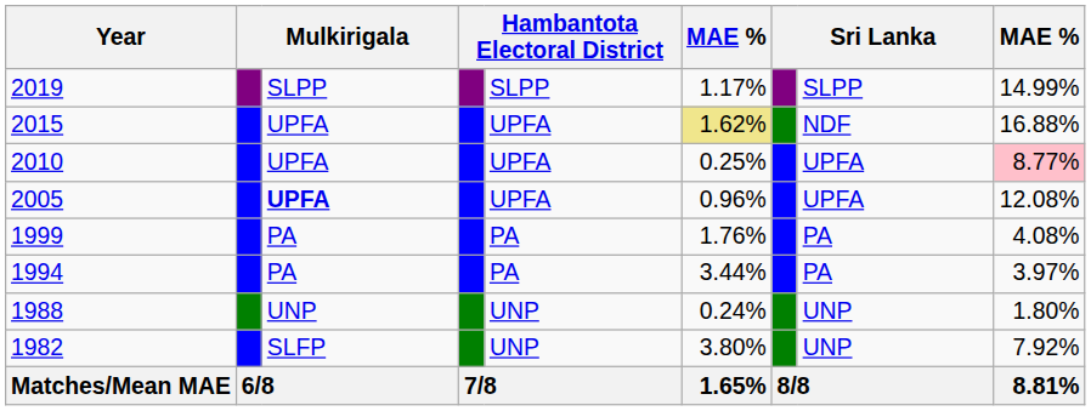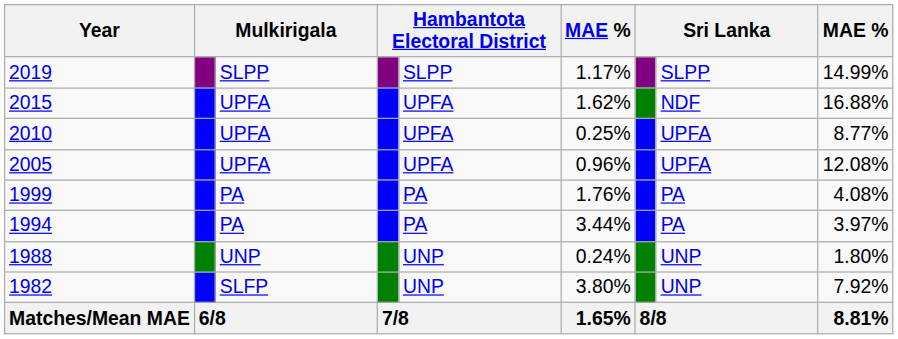 <table class="wikitable">
 <tr>
 <th>Year</th>
 <th colspan="2" width="144px">Mulkirigala</th>
 <th colspan="2" width="144px"><a href='#'>Hambantota Electoral District</a></th>
 <th><a href='#'>MAE</a> %</th>
 <th colspan="2" width="144px">Sri Lanka</th>
 <th>MAE %</th>
 </tr>
 <tr>
 <td><a href='#'>2019</a></td>
 <td style="background-color:purple;" width="10px"></td>
 <td style="text-align:left;"><a href='#'>SLPP</a></td>
 <td style="background-color:purple;" width="10px"></td>
 <td style="text-align:left;"><a href='#'>SLPP</a></td>
 <td style="text-align:right;">1.17%</td>
 <td style="background-color:purple;" width="10px"></td>
 <td style="text-align:left;"><a href='#'>SLPP</a></td>
 <td style="text-align:right;">14.99%</td>
 </tr>
 <tr>
 <td><a href='#'>2015</a></td>
 <td style="background-color:blue;" width="10px"></td>
 <td style="text-align:left;"><a href='#'>UPFA</a></td>
 <td style="background-color:blue;" width="10px"></td>
 <td style="text-align:left;"><a href='#'>UPFA</a></td>
-<td style="background: khaki; text-align:right;">1.62%</td>
+<td style="text-align:right;">1.62%</td>
 <td style="background-color:green;" width="10px"></td>
 <td style="text-align:left;"><a href='#'>NDF</a></td>
 <td style="text-align:right;">16.88%</td>
 </tr>
 <tr>
 <td><a href='#'>2010</a></td>
 <td style="background-color:blue;" width="10px"></td>
 <td style="text-align:left;"><a href='#'>UPFA</a></td>
 <td style="background-color:blue;" width="10px"></td>
 <td style="text-align:left;"><a href='#'>UPFA</a></td>
 <td style="text-align:right;">0.25%</td>
 <td style="background-color:blue;" width="10px"></td>
 <td style="text-align:left;"><a href='#'>UPFA</a></td>
-<td style="background: pink; text-align:right;">8.77%</td>
+<td style="text-align:right;">8.77%</td>
 </tr>
 <tr>
 <td><a href='#'>2005</a></td>
 <td style="background-color:blue;" width="10px"></td>
-<td style="text-align:left;"><strong><a href='#'>UPFA</a></strong></td>
+<td style="text-align:left;"><a href='#'>UPFA</a></td>
 <td style="background-color:blue;" width="10px"></td>
 <td style="text-align:left;"><a href='#'>UPFA</a></td>
 <td style="text-align:right;">0.96%</td>
 <td style="background-color:blue;" width="10px"></td>
 <td style="text-align:left;"><a href='#'>UPFA</a></td>
 <td style="text-align:right;">12.08%</td>
 </tr>
 <tr>
 <td><a href='#'>1999</a></td>
 <td style="background-color:blue;" width="10px"></td>
 <td style="text-align:left;"><a href='#'>PA</a></td>
 <td style="background-color:blue;" width="10px"></td>
 <td style="text-align:left;"><a href='#'>PA</a></td>
 <td style="text-align:right;">1.76%</td>
 <td style="background-color:blue;" width="10px"></td>
 <td style="text-align:left;"><a href='#'>PA</a></td>
 <td style="text-align:right;">4.08%</td>
 </tr>
 <tr>
 <td><a href='#'>1994</a></td>
 <td style="background-color:blue;" width="10px"></td>
 <td style="text-align:left;"><a href='#'>PA</a></td>
 <td style="background-color:blue;" width="10px"></td>
 <td style="text-align:left;"><a href='#'>PA</a></td>
 <td style="text-align:right;">3.44%</td>
 <td style="background-color:blue;" width="10px"></td>
 <td style="text-align:left;"><a href='#'>PA</a></td>
 <td style="text-align:right;">3.97%</td>
 </tr>
 <tr>
 <td><a href='#'>1988</a></td>
 <td style="background-color:green;" width="10px"></td>
 <td style="text-align:left;"><a href='#'>UNP</a></td>
 <td style="background-color:green;" width="10px"></td>
 <td style="text-align:left;"><a href='#'>UNP</a></td>
 <td style="text-align:right;">0.24%</td>
 <td style="background-color:green;" width="10px"></td>
 <td style="text-align:left;"><a href='#'>UNP</a></td>
 <td style="text-align:right;">1.80%</td>
 </tr>
 <tr>
 <td><a href='#'>1982</a></td>
 <td style="background-color:blue;" width="10px"></td>
 <td style="text-align:left;"><a href='#'>SLFP</a></td>
 <td style="background-color:green;" width="10px"></td>
 <td style="text-align:left;"><a href='#'>UNP</a></td>
 <td style="text-align:right;">3.80%</td>
 <td style="background-color:green;" width="10px"></td>
 <td style="text-align:left;"><a href='#'>UNP</a></td>
 <td style="text-align:right;">7.92%</td>
 </tr>
 <tr>
 <th>Matches/Mean MAE</th>
 <th style="text-align:left;"colspan="2" width="144px">6/8</th>
 <th style="text-align:left;"colspan="2" width="144px">7/8</th>
 <th style="text-align:right;">1.65%</th>
 <th style="text-align:left;"colspan="2" width="144px">8/8</th>
 <th style="text-align:right;">8.81%</th>
 </tr>
 </table>
